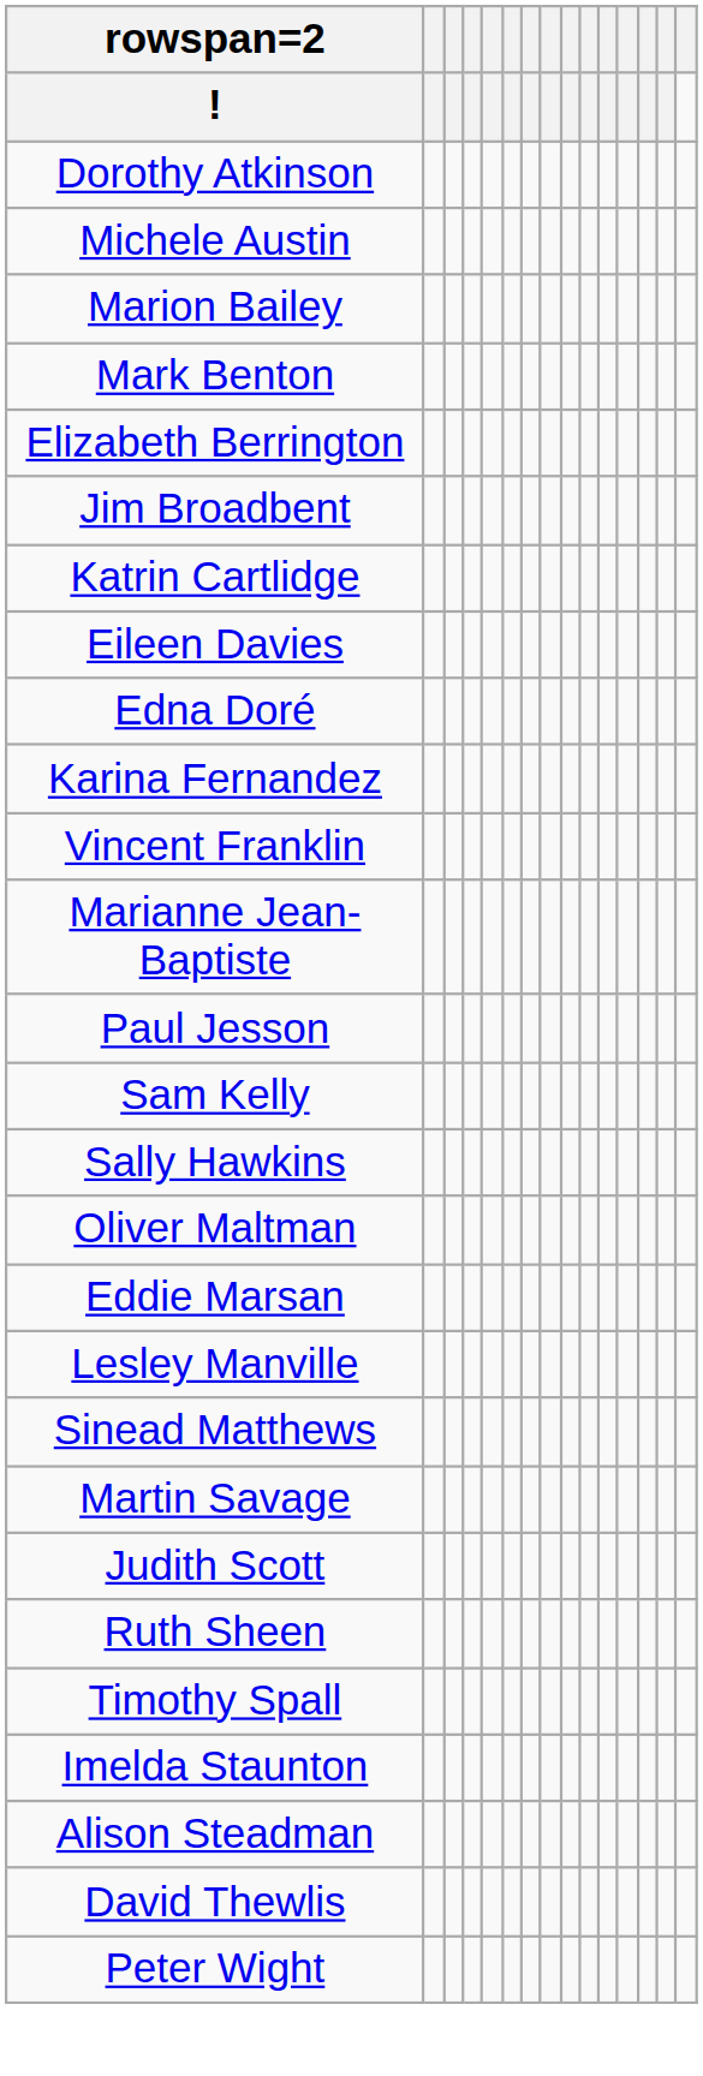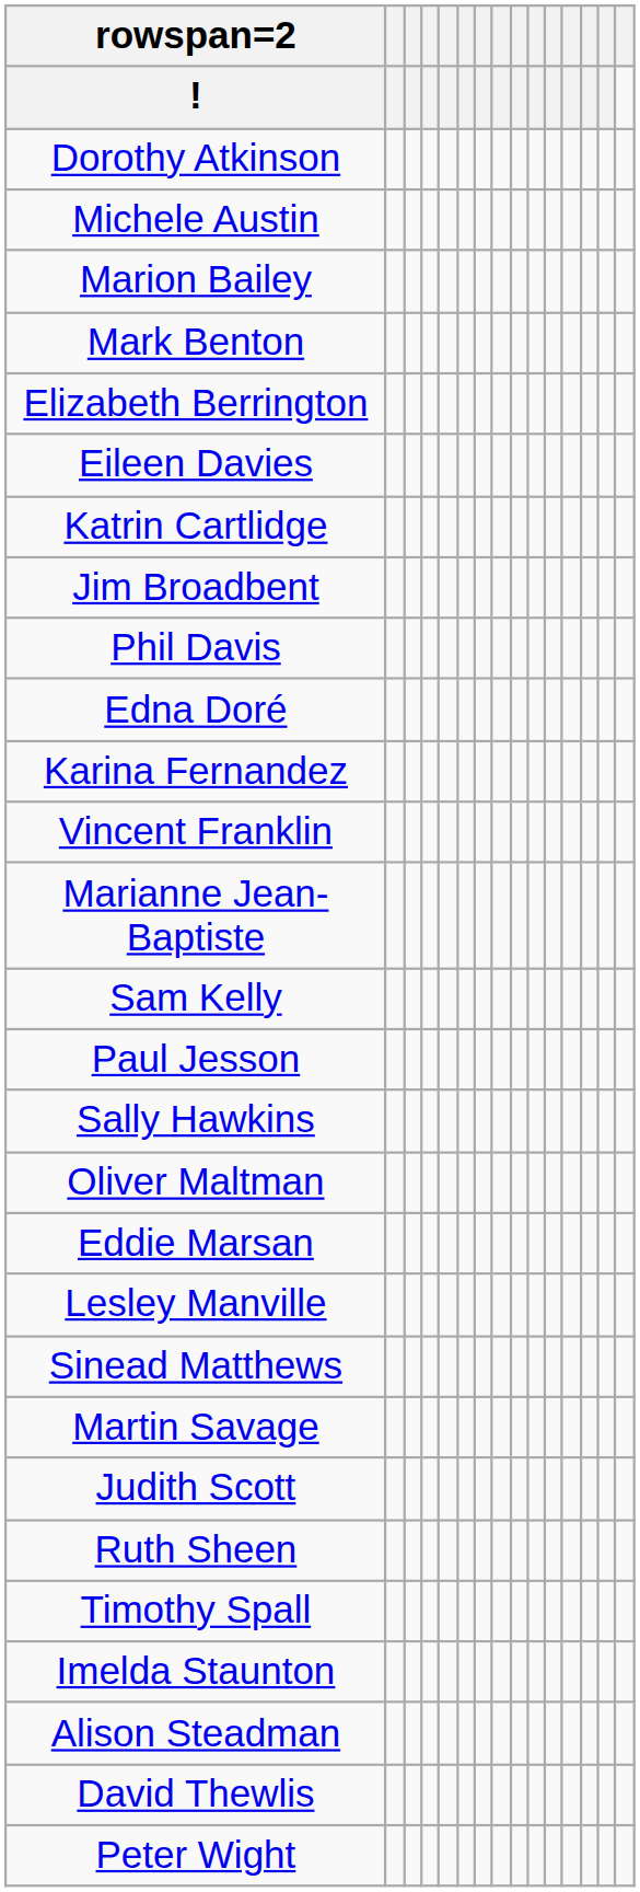 <table class="wikitable" style="text-align:center;font-size:99%;vertical-align:bottom;">
 <tr>
 <th>rowspan=2 </th>
 <th></th>
 <th></th>
 <th></th>
 <th></th>
 <th></th>
 <th></th>
 <th></th>
 <th></th>
 <th></th>
 <th></th>
 <th></th>
 <th></th>
 <th></th>
 <th></th>
 </tr>
 <tr>
 <th>! </th>
 <th></th>
 <th></th>
 <th></th>
 <th></th>
 <th></th>
 <th></th>
 <th></th>
 <th></th>
 <th></th>
 <th></th>
 <th></th>
 <th></th>
 <th></th>
 </tr>
 <tr>
 <td width="150"><a href='#'>Dorothy Atkinson</a></td>
 <td></td>
 <td></td>
 <td></td>
 <td></td>
 <td></td>
 <td></td>
 <td></td>
 <td></td>
 <td></td>
 <td></td>
 <td></td>
 <td></td>
 <td></td>
 <td></td>
 </tr>
 <tr>
 <td width="150"><a href='#'>Michele Austin</a></td>
 <td></td>
 <td></td>
 <td></td>
 <td></td>
 <td></td>
 <td></td>
 <td></td>
 <td></td>
 <td></td>
 <td></td>
 <td></td>
 <td></td>
 <td></td>
 <td></td>
 </tr>
 <tr>
 <td width="150"><a href='#'>Marion Bailey</a></td>
 <td></td>
 <td></td>
 <td></td>
 <td></td>
 <td></td>
 <td></td>
 <td></td>
 <td></td>
 <td></td>
 <td></td>
 <td></td>
 <td></td>
 <td></td>
 <td></td>
 </tr>
 <tr>
 <td width="150"><a href='#'>Mark Benton</a></td>
 <td></td>
 <td></td>
 <td></td>
 <td></td>
 <td></td>
 <td></td>
 <td></td>
 <td></td>
 <td></td>
 <td></td>
 <td></td>
 <td></td>
 <td></td>
 <td></td>
 </tr>
 <tr>
 <td width="150"><a href='#'>Elizabeth Berrington</a></td>
 <td></td>
 <td></td>
 <td></td>
 <td></td>
 <td></td>
 <td></td>
 <td></td>
 <td></td>
 <td></td>
 <td></td>
 <td></td>
 <td></td>
 <td></td>
 <td></td>
 </tr>
 <tr>
-<td width="150"><a href='#'>Jim Broadbent</a></td>
+<td width="150"><a href='#'>Eileen Davies</a></td>
 <td></td>
 <td></td>
 <td></td>
 <td></td>
 <td></td>
 <td></td>
 <td></td>
 <td></td>
 <td></td>
 <td></td>
 <td></td>
 <td></td>
 <td></td>
 <td></td>
 </tr>
 <tr>
 <td width="150"><a href='#'>Katrin Cartlidge</a></td>
 <td></td>
 <td></td>
 <td></td>
 <td></td>
 <td></td>
 <td></td>
 <td></td>
 <td></td>
 <td></td>
 <td></td>
 <td></td>
 <td></td>
 <td></td>
 <td></td>
 </tr>
 <tr>
-<td width="150"><a href='#'>Eileen Davies</a></td>
+<td width="150"><a href='#'>Jim Broadbent</a></td>
+<td></td>
+<td></td>
+<td></td>
+<td></td>
+<td></td>
+<td></td>
+<td></td>
+<td></td>
+<td></td>
+<td></td>
+<td></td>
+<td></td>
+<td></td>
+<td></td>
+</tr>
+<tr>
+<td width="150"><a href='#'>Phil Davis</a></td>
 <td></td>
 <td></td>
 <td></td>
 <td></td>
 <td></td>
 <td></td>
 <td></td>
 <td></td>
 <td></td>
 <td></td>
 <td></td>
 <td></td>
 <td></td>
 <td></td>
 </tr>
 <tr>
 <td width="150"><a href='#'>Edna Doré</a></td>
 <td></td>
 <td></td>
 <td></td>
 <td></td>
 <td></td>
 <td></td>
 <td></td>
 <td></td>
 <td></td>
 <td></td>
 <td></td>
 <td></td>
 <td></td>
 <td></td>
 </tr>
 <tr>
 <td width="150"><a href='#'>Karina Fernandez</a></td>
 <td></td>
 <td></td>
 <td></td>
 <td></td>
 <td></td>
 <td></td>
 <td></td>
 <td></td>
 <td></td>
 <td></td>
 <td></td>
 <td></td>
 <td></td>
 <td></td>
 </tr>
 <tr>
 <td width="150"><a href='#'>Vincent Franklin</a></td>
 <td></td>
 <td></td>
 <td></td>
 <td></td>
 <td></td>
 <td></td>
 <td></td>
 <td></td>
 <td></td>
 <td></td>
 <td></td>
 <td></td>
 <td></td>
 <td></td>
 </tr>
 <tr>
 <td width="150"><a href='#'>Marianne Jean-Baptiste</a></td>
 <td></td>
 <td></td>
 <td></td>
 <td></td>
 <td></td>
 <td></td>
 <td></td>
 <td></td>
 <td></td>
 <td></td>
 <td></td>
 <td></td>
 <td></td>
 <td></td>
 </tr>
 <tr>
-<td width="150"><a href='#'>Paul Jesson</a></td>
+<td width="150"><a href='#'>Sam Kelly</a></td>
 <td></td>
 <td></td>
 <td></td>
 <td></td>
 <td></td>
 <td></td>
 <td></td>
 <td></td>
 <td></td>
 <td></td>
 <td></td>
 <td></td>
 <td></td>
 <td></td>
 </tr>
 <tr>
-<td width="150"><a href='#'>Sam Kelly</a></td>
+<td width="150"><a href='#'>Paul Jesson</a></td>
 <td></td>
 <td></td>
 <td></td>
 <td></td>
 <td></td>
 <td></td>
 <td></td>
 <td></td>
 <td></td>
 <td></td>
 <td></td>
 <td></td>
 <td></td>
 <td></td>
 </tr>
 <tr>
 <td width="150"><a href='#'>Sally Hawkins</a></td>
 <td></td>
 <td></td>
 <td></td>
 <td></td>
 <td></td>
 <td></td>
 <td></td>
 <td></td>
 <td></td>
 <td></td>
 <td></td>
 <td></td>
 <td></td>
 <td></td>
 </tr>
 <tr>
 <td width="150"><a href='#'>Oliver Maltman</a></td>
 <td></td>
 <td></td>
 <td></td>
 <td></td>
 <td></td>
 <td></td>
 <td></td>
 <td></td>
 <td></td>
 <td></td>
 <td></td>
 <td></td>
 <td></td>
 <td></td>
 </tr>
 <tr>
 <td width="150"><a href='#'>Eddie Marsan</a></td>
 <td></td>
 <td></td>
 <td></td>
 <td></td>
 <td></td>
 <td></td>
 <td></td>
 <td></td>
 <td></td>
 <td></td>
 <td></td>
 <td></td>
 <td></td>
 <td></td>
 </tr>
 <tr>
 <td width="150"><a href='#'>Lesley Manville</a></td>
 <td></td>
 <td></td>
 <td></td>
 <td></td>
 <td></td>
 <td></td>
 <td></td>
 <td></td>
 <td></td>
 <td></td>
 <td></td>
 <td></td>
 <td></td>
 <td></td>
 </tr>
 <tr>
 <td width="150"><a href='#'>Sinead Matthews</a></td>
 <td></td>
 <td></td>
 <td></td>
 <td></td>
 <td></td>
 <td></td>
 <td></td>
 <td></td>
 <td></td>
 <td></td>
 <td></td>
 <td></td>
 <td></td>
 <td></td>
 </tr>
 <tr>
 <td width="150"><a href='#'>Martin Savage</a></td>
 <td></td>
 <td></td>
 <td></td>
 <td></td>
 <td></td>
 <td></td>
 <td></td>
 <td></td>
 <td></td>
 <td></td>
 <td></td>
 <td></td>
 <td></td>
 <td></td>
 </tr>
 <tr>
 <td width="150"><a href='#'>Judith Scott</a></td>
 <td></td>
 <td></td>
 <td></td>
 <td></td>
 <td></td>
 <td></td>
 <td></td>
 <td></td>
 <td></td>
 <td></td>
 <td></td>
 <td></td>
 <td></td>
 <td></td>
 </tr>
 <tr>
 <td width="150"><a href='#'>Ruth Sheen</a></td>
 <td></td>
 <td></td>
 <td></td>
 <td></td>
 <td></td>
 <td></td>
 <td></td>
 <td></td>
 <td></td>
 <td></td>
 <td></td>
 <td></td>
 <td></td>
 <td></td>
 </tr>
 <tr>
 <td width="150"><a href='#'>Timothy Spall</a></td>
 <td></td>
 <td></td>
 <td></td>
 <td></td>
 <td></td>
 <td></td>
 <td></td>
 <td></td>
 <td></td>
 <td></td>
 <td></td>
 <td></td>
 <td></td>
 <td></td>
 </tr>
 <tr>
 <td width="150"><a href='#'>Imelda Staunton</a></td>
 <td></td>
 <td></td>
 <td></td>
 <td></td>
 <td></td>
 <td></td>
 <td></td>
 <td></td>
 <td></td>
 <td></td>
 <td></td>
 <td></td>
 <td></td>
 <td></td>
 </tr>
 <tr>
 <td width="150"><a href='#'>Alison Steadman</a></td>
 <td></td>
 <td></td>
 <td></td>
 <td></td>
 <td></td>
 <td></td>
 <td></td>
 <td></td>
 <td></td>
 <td></td>
 <td></td>
 <td></td>
 <td></td>
 <td></td>
 </tr>
 <tr>
 <td width="150"><a href='#'>David Thewlis</a></td>
 <td></td>
 <td></td>
 <td></td>
 <td></td>
 <td></td>
 <td></td>
 <td></td>
 <td></td>
 <td></td>
 <td></td>
 <td></td>
 <td></td>
 <td></td>
 <td></td>
 </tr>
 <tr>
 <td width="150"><a href='#'>Peter Wight</a></td>
 <td></td>
 <td></td>
 <td></td>
 <td></td>
 <td></td>
 <td></td>
 <td></td>
 <td></td>
 <td></td>
 <td></td>
 <td></td>
 <td></td>
 <td></td>
 <td></td>
 </tr>
 </table>
